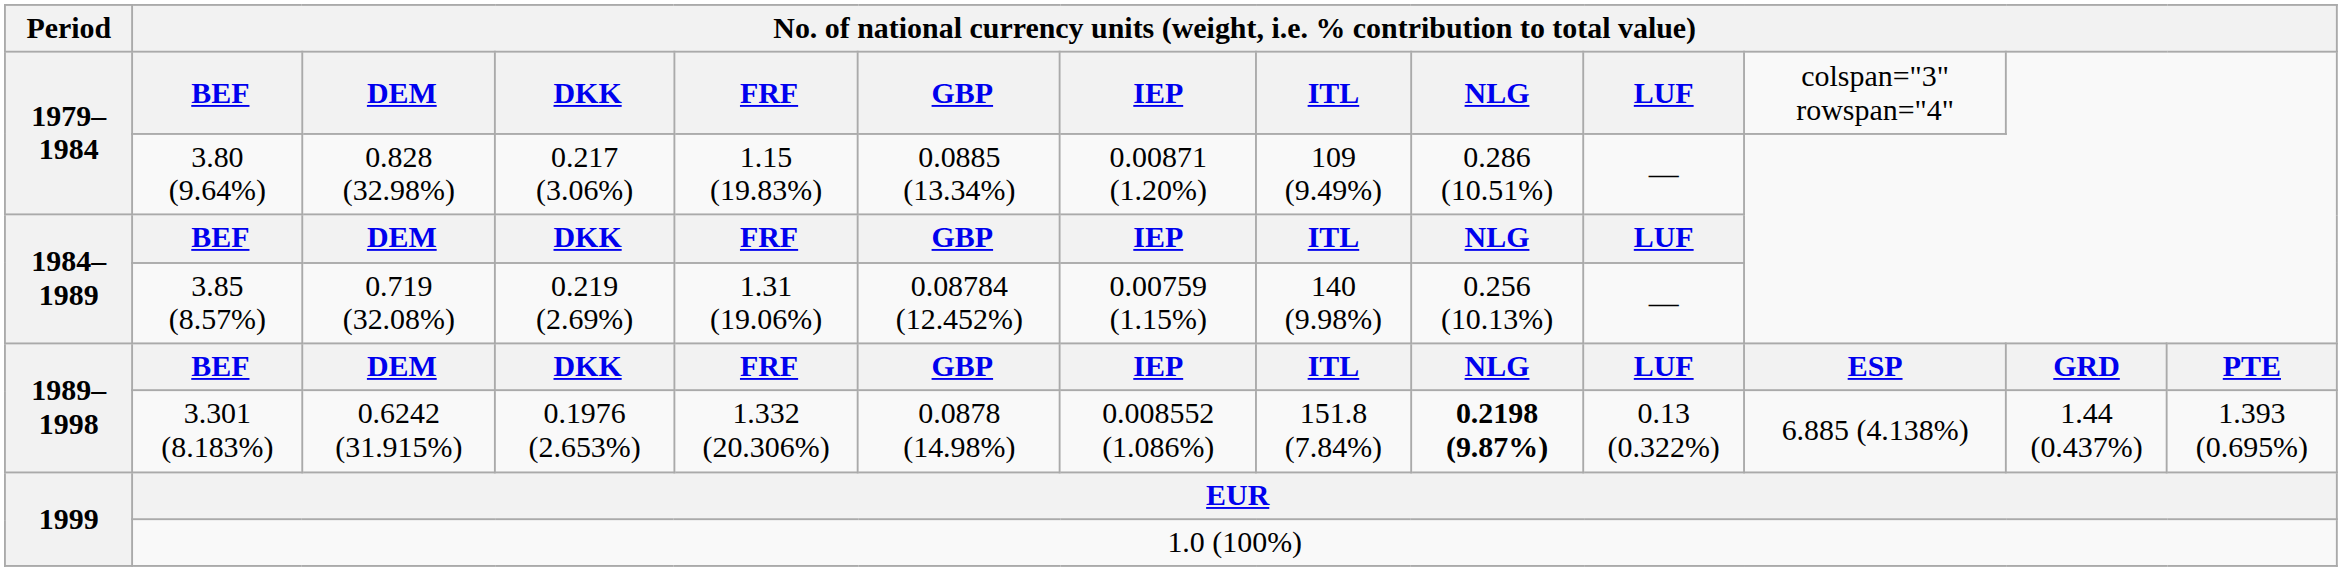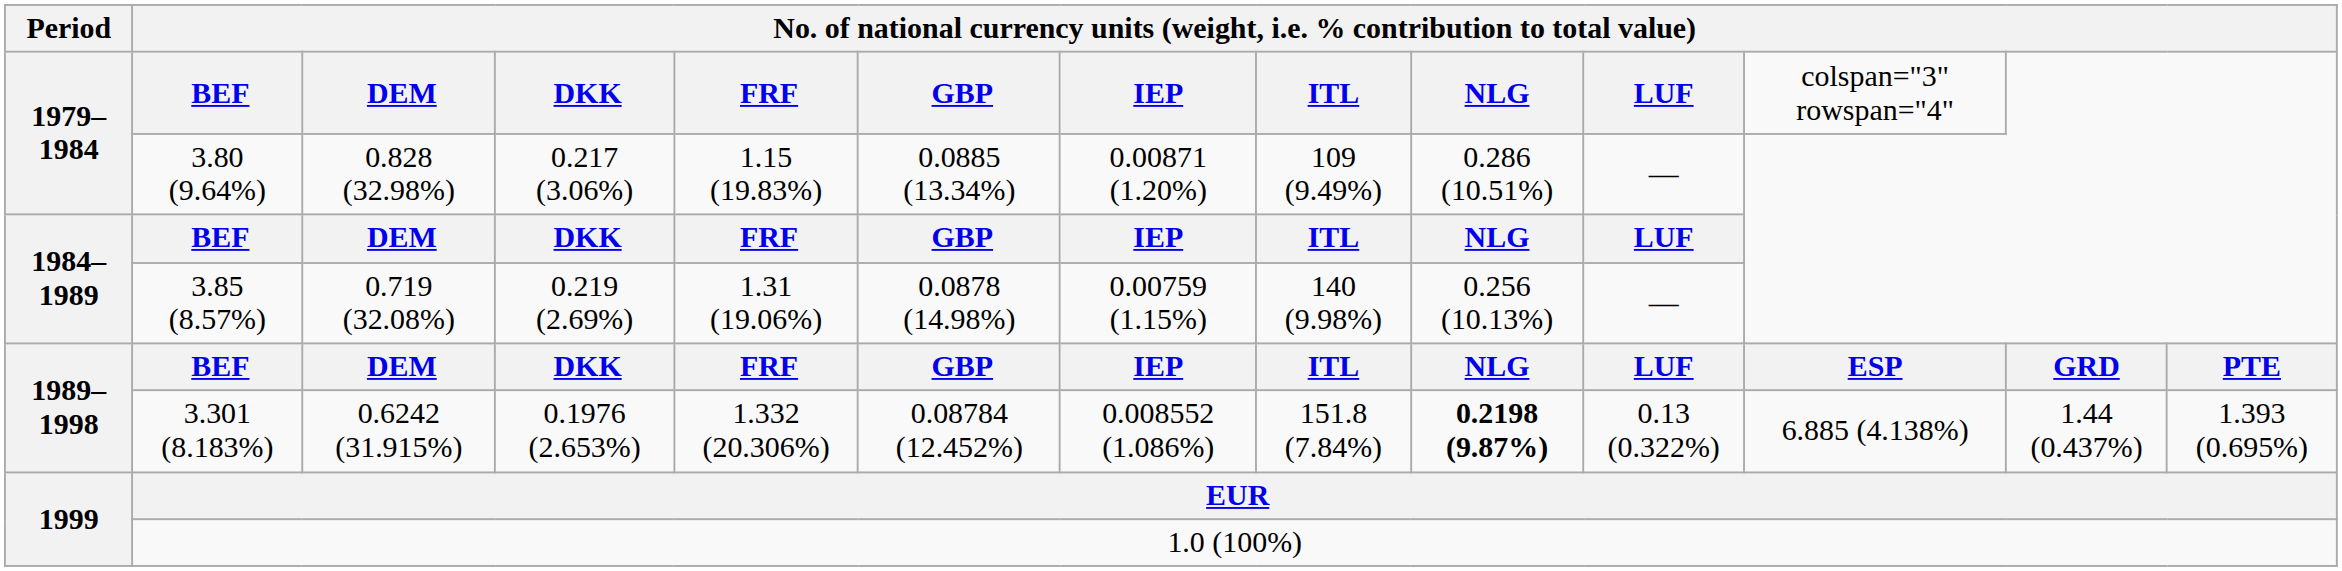 <table class="wikitable" style="text-align: center;">
 <tr>
 <th>Period</th>
 <th colspan=12>No. of national currency units (weight, i.e. % contribution to total value)</th>
 </tr>
 <tr>
 <th rowspan=2>1979–1984</th>
 <th> <a href='#'>BEF</a></th>
 <th> <a href='#'>DEM</a></th>
 <th> <a href='#'>DKK</a></th>
 <th> <a href='#'>FRF</a></th>
 <th> <a href='#'>GBP</a></th>
 <th> <a href='#'>IEP</a></th>
 <th> <a href='#'>ITL</a></th>
 <th> <a href='#'>NLG</a></th>
 <th> <a href='#'>LUF</a></th>
 <td>colspan="3" rowspan="4" </td>
 </tr>
 <tr>
 <td>3.80 (9.64%)</td>
 <td>0.828 (32.98%)</td>
 <td>0.217 (3.06%)</td>
 <td>1.15 (19.83%)</td>
 <td>0.0885 (13.34%)</td>
 <td>0.00871 (1.20%)</td>
 <td>109 (9.49%)</td>
 <td>0.286 (10.51%)</td>
 <td>—</td>
 </tr>
 <tr>
 <th rowspan=2>1984–1989</th>
 <th> <a href='#'>BEF</a></th>
 <th> <a href='#'>DEM</a></th>
 <th> <a href='#'>DKK</a></th>
 <th> <a href='#'>FRF</a></th>
 <th> <a href='#'>GBP</a></th>
 <th> <a href='#'>IEP</a></th>
 <th> <a href='#'>ITL</a></th>
 <th> <a href='#'>NLG</a></th>
 <th> <a href='#'>LUF</a></th>
 </tr>
 <tr>
 <td>3.85 (8.57%)</td>
 <td>0.719 (32.08%)</td>
 <td>0.219 (2.69%)</td>
 <td>1.31 (19.06%)</td>
-<td>0.08784 (12.452%)</td>
+<td>0.0878 (14.98%)</td>
 <td>0.00759 (1.15%)</td>
 <td>140 (9.98%)</td>
 <td>0.256 (10.13%)</td>
 <td>—</td>
 </tr>
 <tr>
 <th rowspan=2>1989–1998</th>
 <th> <a href='#'>BEF</a></th>
 <th> <a href='#'>DEM</a></th>
 <th> <a href='#'>DKK</a></th>
 <th> <a href='#'>FRF</a></th>
 <th> <a href='#'>GBP</a></th>
 <th> <a href='#'>IEP</a></th>
 <th> <a href='#'>ITL</a></th>
 <th> <a href='#'>NLG</a></th>
 <th> <a href='#'>LUF</a></th>
 <th> <a href='#'>ESP</a></th>
 <th> <a href='#'>GRD</a></th>
 <th> <a href='#'>PTE</a></th>
 </tr>
 <tr>
 <td>3.301 (8.183%)</td>
 <td>0.6242 (31.915%)</td>
 <td>0.1976 (2.653%)</td>
 <td>1.332 (20.306%)</td>
-<td>0.0878 (14.98%)</td>
+<td>0.08784 (12.452%)</td>
 <td>0.008552 (1.086%)</td>
 <td>151.8 (7.84%)</td>
 <td><strong>0.2198 (9.87%)</strong></td>
 <td>0.13 (0.322%)</td>
 <td>6.885 (4.138%)</td>
 <td>1.44 (0.437%)</td>
 <td>1.393 (0.695%)</td>
 </tr>
 <tr>
 <th rowspan=2>1999</th>
 <th colspan="12"> <a href='#'>EUR</a></th>
 </tr>
 <tr>
 <td colspan="12">1.0 (100%)</td>
 </tr>
 </table>
